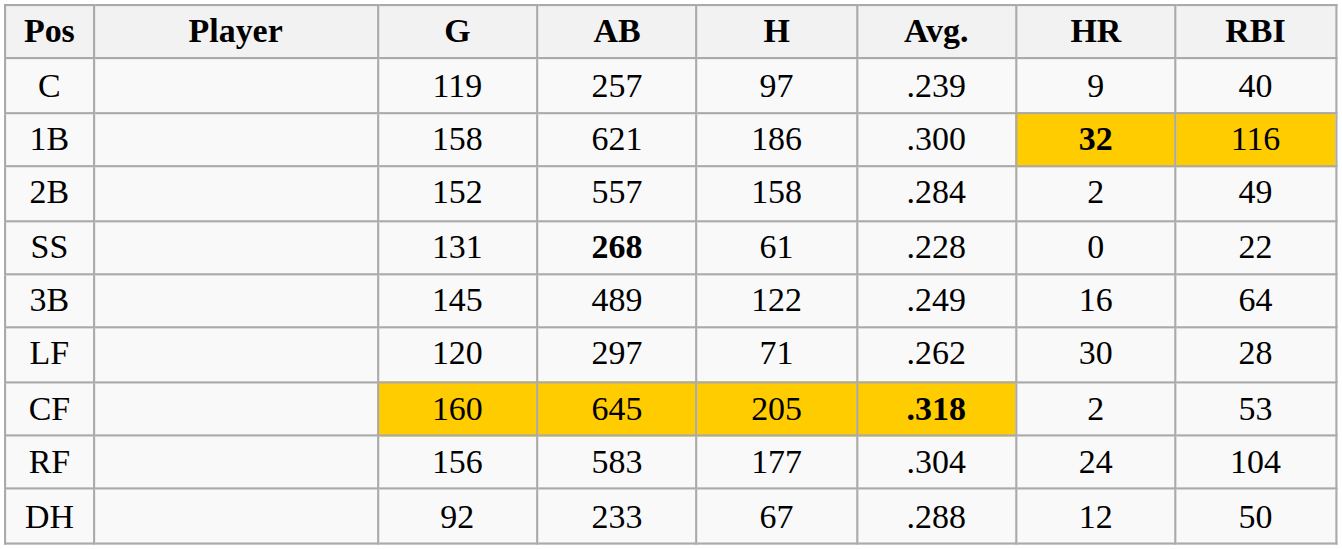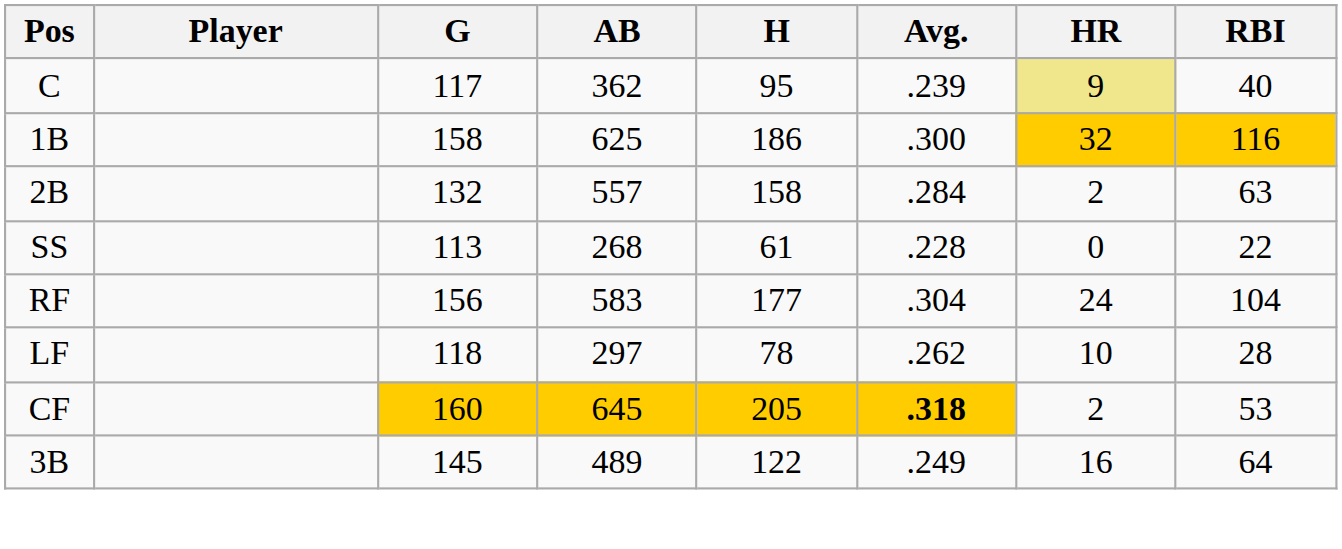 <table class="wikitable sortable">
 <tr>
 <th bgcolor="#DDDDFF" width="5%">Pos</th>
 <th bgcolor="#DDDDFF" width="16%">Player</th>
 <th bgcolor="#DDDDFF" width="9%">G</th>
 <th bgcolor="#DDDDFF" width="9%">AB</th>
 <th bgcolor="#DDDDFF" width="9%">H</th>
 <th bgcolor="#DDDDFF" width="9%">Avg.</th>
 <th bgcolor="#DDDDFF" width="9%">HR</th>
 <th bgcolor="#DDDDFF" width="9%">RBI</th>
 </tr>
 <tr align="center">
 <td>C</td>
 <td></td>
-<td>119</td>
-<td>257</td>
-<td>97</td>
+<td>117</td>
+<td>362</td>
+<td>95</td>
 <td>.239</td>
-<td>9</td>
+<td style="background: khaki;">9</td>
 <td>40</td>
 </tr>
 <tr align="center">
 <td>1B</td>
 <td></td>
 <td>158</td>
-<td>621</td>
+<td>625</td>
 <td>186</td>
 <td>.300</td>
-<td style="background:#fc0;"><strong>32</strong></td>
+<td style="background:#fc0;">32</td>
 <td style="background:#fc0;">116</td>
 </tr>
 <tr align="center">
 <td>2B</td>
 <td></td>
-<td>152</td>
+<td>132</td>
 <td>557</td>
 <td>158</td>
 <td>.284</td>
 <td>2</td>
-<td>49</td>
+<td>63</td>
 </tr>
 <tr align="center">
 <td>SS</td>
 <td></td>
-<td>131</td>
-<td><strong>268</strong></td>
+<td>113</td>
+<td>268</td>
 <td>61</td>
 <td>.228</td>
 <td>0</td>
 <td>22</td>
 </tr>
 <tr align="center">
-<td>3B</td>
+<td>RF</td>
 <td></td>
-<td>145</td>
-<td>489</td>
-<td>122</td>
-<td>.249</td>
-<td>16</td>
-<td>64</td>
+<td>156</td>
+<td>583</td>
+<td>177</td>
+<td>.304</td>
+<td>24</td>
+<td>104</td>
 </tr>
 <tr align="center">
 <td>LF</td>
 <td></td>
-<td>120</td>
+<td>118</td>
 <td>297</td>
-<td>71</td>
+<td>78</td>
 <td>.262</td>
-<td>30</td>
+<td>10</td>
 <td>28</td>
 </tr>
 <tr align="center">
 <td>CF</td>
 <td></td>
 <td style="background:#fc0;">160</td>
 <td style="background:#fc0;">645</td>
 <td style="background:#fc0;">205</td>
 <td style="background:#fc0;"><strong>.318</strong></td>
 <td>2</td>
 <td>53</td>
 </tr>
 <tr align="center">
-<td>RF</td>
+<td>3B</td>
 <td></td>
-<td>156</td>
-<td>583</td>
-<td>177</td>
-<td>.304</td>
-<td>24</td>
-<td>104</td>
-</tr>
-<tr align="center">
-<td>DH</td>
-<td></td>
-<td>92</td>
-<td>233</td>
-<td>67</td>
-<td>.288</td>
-<td>12</td>
-<td>50</td>
+<td>145</td>
+<td>489</td>
+<td>122</td>
+<td>.249</td>
+<td>16</td>
+<td>64</td>
 </tr>
 </table>
